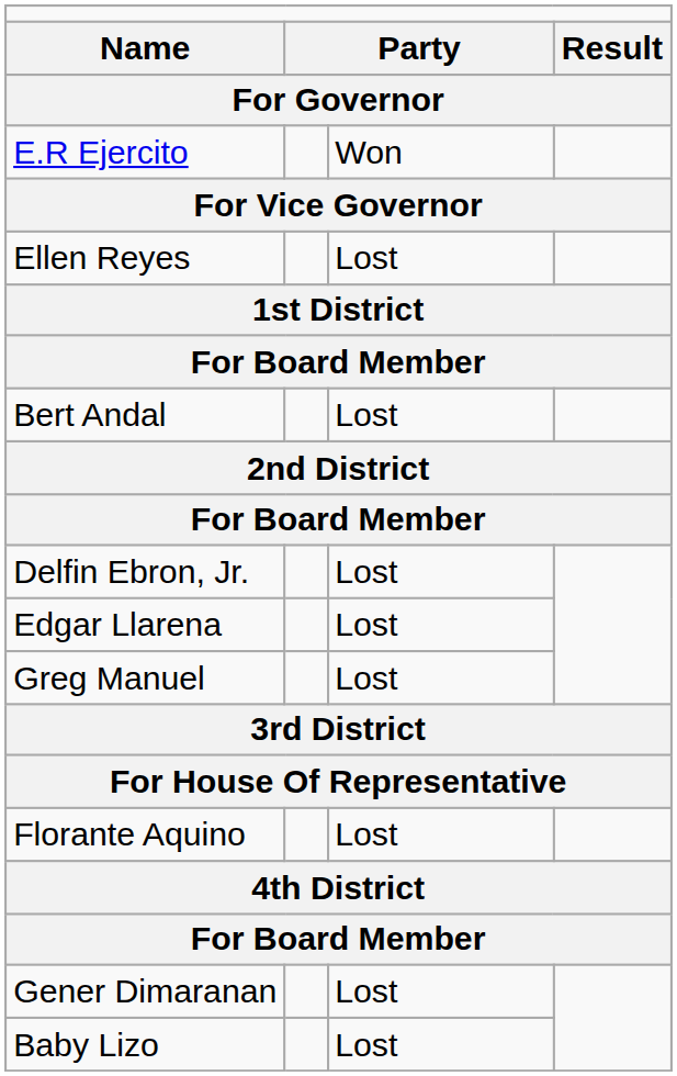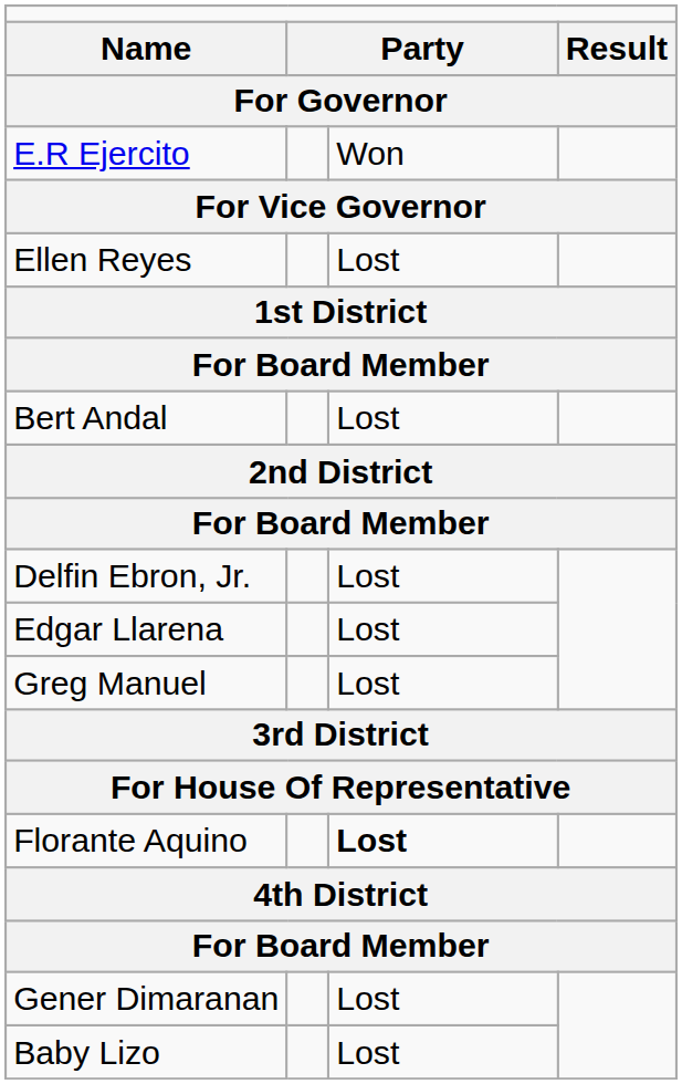 <table class="wikitable" style="font-size:90%">
 <tr>
 <td colspan="5" style="color:inherit;background:"></td>
 </tr>
 <tr>
 <th !width=150px>Name</th>
 <th colspan=2 width=110px>Party</th>
 <th>Result</th>
 </tr>
 <tr>
 <th colspan="5">For Governor</th>
 </tr>
 <tr>
 <td><a href='#'>E.R Ejercito</a></td>
 <td></td>
 <td>Won</td>
 </tr>
 <tr>
 <th colspan="5">For Vice Governor</th>
 </tr>
 <tr>
 <td>Ellen Reyes</td>
 <td></td>
 <td>Lost</td>
 </tr>
 <tr>
 <th colspan="5">1st District</th>
 </tr>
 <tr>
 <th colspan="5">For Board Member</th>
 </tr>
 <tr>
 <td>Bert Andal</td>
 <td></td>
 <td>Lost</td>
 </tr>
 <tr>
 <th colspan="5">2nd District</th>
 </tr>
 <tr>
 <th colspan="5">For Board Member</th>
 </tr>
 <tr>
 <td>Delfin Ebron, Jr.</td>
 <td></td>
 <td>Lost</td>
 </tr>
 <tr>
 <td>Edgar Llarena</td>
 <td></td>
 <td>Lost</td>
 </tr>
 <tr>
 <td>Greg Manuel</td>
 <td></td>
 <td>Lost</td>
 </tr>
 <tr>
 <th colspan="5">3rd District</th>
 </tr>
 <tr>
 <th colspan="5">For House Of Representative</th>
 </tr>
 <tr>
 <td>Florante Aquino</td>
 <td></td>
-<td>Lost</td>
+<td><strong>Lost</strong></td>
 </tr>
 <tr>
 <th colspan="5">4th District</th>
 </tr>
 <tr>
 <th colspan="5">For Board Member</th>
 </tr>
 <tr>
 <td>Gener Dimaranan</td>
 <td></td>
 <td>Lost</td>
 </tr>
 <tr>
 <td>Baby Lizo</td>
 <td></td>
 <td>Lost</td>
 </tr>
 </table>
